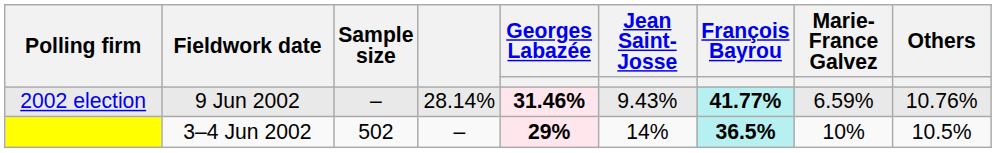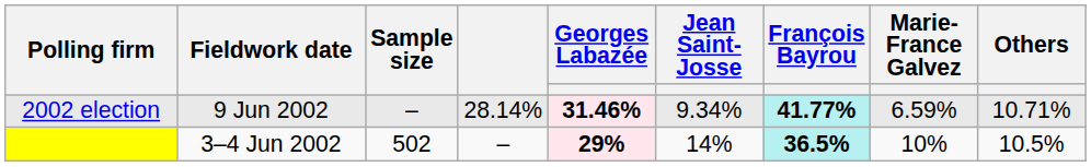 <table class="wikitable sortable" style="text-align:center;font-size:90%;line-height:14px;">
 <tr style="height:40px;">
 <th style="width:100px;" rowspan="2">Polling firm</th>
 <th style="width:110px;" rowspan="2">Fieldwork date</th>
 <th style="width:35px;" rowspan="2">Sample<br>size</th>
 <th style="width:30px;" rowspan="2"></th>
 <th class="unsortable" style="width:60px;"><a href='#'>Georges Labazée</a><br></th>
 <th class="unsortable" style="width:60px;"><a href='#'>Jean Saint-Josse</a><br></th>
 <th class="unsortable" style="width:60px;"><a href='#'>François Bayrou</a><br></th>
 <th class="unsortable" style="width:60px;">Marie-France Galvez<br></th>
 <th class="unsortable" style="width:60px;">Others</th>
 </tr>
 <tr>
 <th style="background:"></th>
 <th style="background:"></th>
 <th style="background:"></th>
 <th style="background:"></th>
 <th style="background:"></th>
 </tr>
 <tr style="background:#E9E9E9;">
 <td><a href='#'>2002 election</a></td>
 <td data-sort-value="2002-06-09">9 Jun 2002</td>
 <td>–</td>
 <td>28.14%</td>
 <td style="background:#FFE6EC;"><strong>31.46%</strong></td>
-<td>9.43%</td>
+<td>9.34%</td>
 <td style="background:#B6F0F0;"><strong>41.77%</strong></td>
 <td>6.59%</td>
-<td>10.76%</td>
+<td>10.71%</td>
 </tr>
 <tr>
 <td style="background:yellow;"></td>
 <td data-sort-value="2002-06-04">3–4 Jun 2002</td>
 <td>502</td>
 <td>–</td>
 <td style="background:#FFE6EC;"><strong>29%</strong></td>
 <td>14%</td>
 <td style="background:#B6F0F0;"><strong>36.5%</strong></td>
 <td>10%</td>
 <td>10.5%</td>
 </tr>
 </table>
